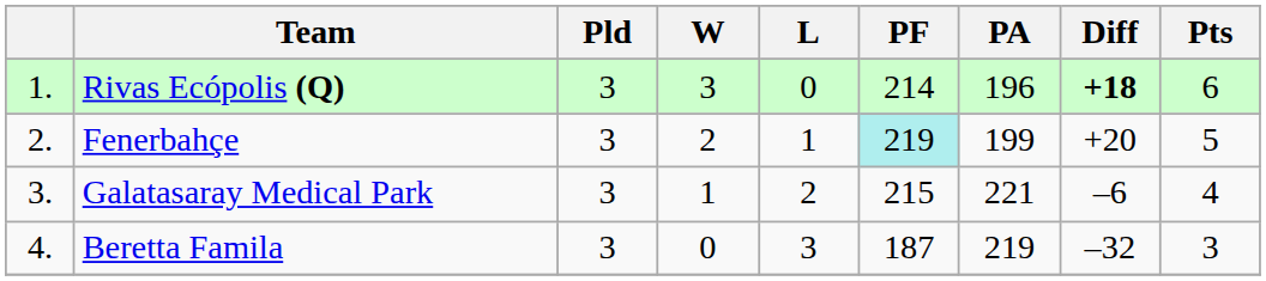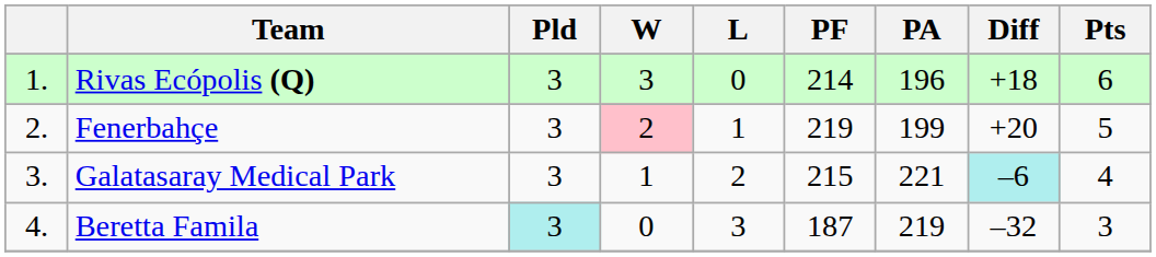 <table class="wikitable" style="text-align:center">
 <tr>
 <th width=25></th>
 <th width=220>Team</th>
 <th width=40>Pld</th>
 <th width=40>W</th>
 <th width=40>L</th>
 <th width=40>PF</th>
 <th width=40>PA</th>
 <th width=40>Diff</th>
 <th width=40>Pts</th>
 </tr>
 <tr style="background:#ccffcc;">
 <td>1.</td>
 <td align=left> <a href='#'>Rivas Ecópolis</a> <strong>(Q)</strong></td>
 <td>3</td>
 <td>3</td>
 <td>0</td>
 <td>214</td>
 <td>196</td>
-<td><strong>+18</strong></td>
+<td>+18</td>
 <td>6</td>
 </tr>
 <tr>
 <td>2.</td>
 <td align=left> <a href='#'>Fenerbahçe</a></td>
 <td>3</td>
-<td>2</td>
+<td style="background: pink;">2</td>
 <td>1</td>
-<td style="background: paleturquoise;">219</td>
+<td>219</td>
 <td>199</td>
 <td>+20</td>
 <td>5</td>
 </tr>
 <tr>
 <td>3.</td>
 <td align=left> <a href='#'>Galatasaray Medical Park</a></td>
 <td>3</td>
 <td>1</td>
 <td>2</td>
 <td>215</td>
 <td>221</td>
-<td>–6</td>
+<td style="background: paleturquoise;">–6</td>
 <td>4</td>
 </tr>
 <tr>
 <td>4.</td>
 <td align=left> <a href='#'>Beretta Famila</a></td>
-<td>3</td>
+<td style="background: paleturquoise;">3</td>
 <td>0</td>
 <td>3</td>
 <td>187</td>
 <td>219</td>
 <td>–32</td>
 <td>3</td>
 </tr>
 <tr>
 </tr>
 </table>
